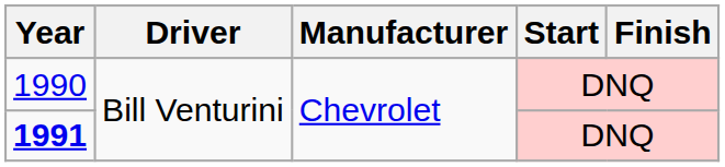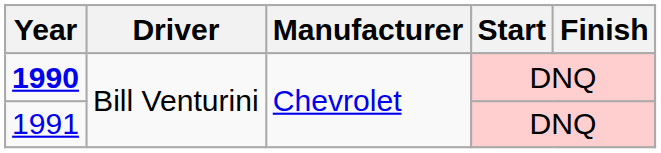 <table class="wikitable" style="font-size: 90%;">
 <tr>
 <th>Year</th>
 <th>Driver</th>
 <th>Manufacturer</th>
 <th>Start</th>
 <th>Finish</th>
 </tr>
 <tr>
-<td><a href='#'>1990</a></td>
+<td><strong><a href='#'>1990</a></strong></td>
 <td rowspan=2>Bill Venturini</td>
 <td rowspan=2><a href='#'>Chevrolet</a></td>
 <td colspan=2 align=center style="background:#FFCFCF;">DNQ</td>
 </tr>
 <tr>
-<td><strong><a href='#'>1991</a></strong></td>
+<td><a href='#'>1991</a></td>
 <td colspan=2 align=center style="background:#FFCFCF;">DNQ</td>
 </tr>
 </table>
